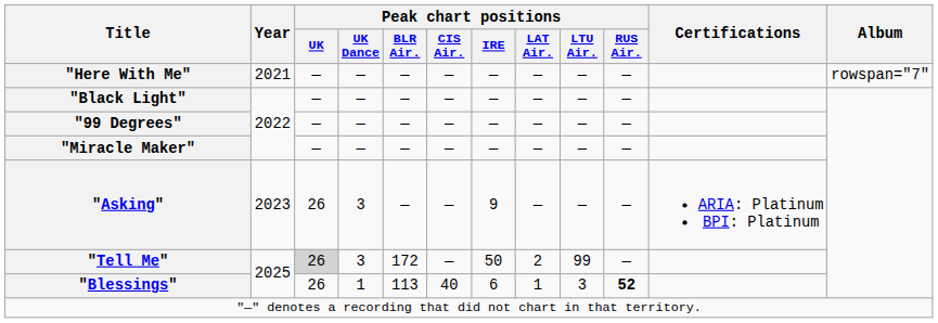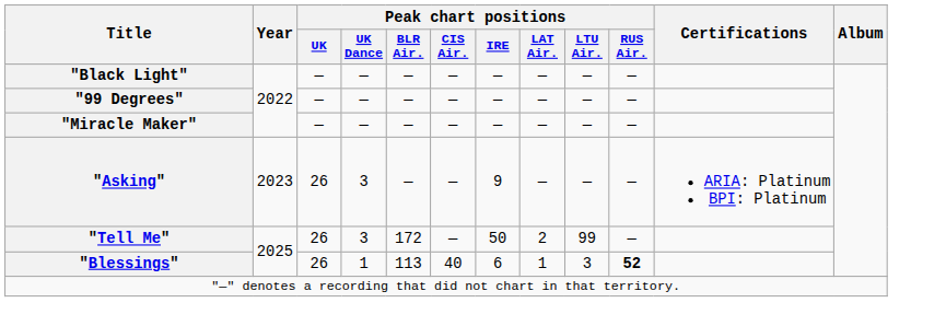 <table class="wikitable plainrowheaders" style="text-align:center;">
 <tr>
 <th scope="col" rowspan="2" style="width:16em;">Title</th>
 <th scope="col" rowspan="2" style="width:1em;">Year</th>
 <th colspan="8" scope="col">Peak chart positions</th>
 <th scope="col" rowspan="2">Certifications</th>
 <th scope="col" rowspan="2">Album</th>
 </tr>
 <tr>
 <th scope="col" style="width:3em;font-size:85%;"><a href='#'>UK</a><br></th>
 <th scope="col" style="width:3em;font-size:85%;"><a href='#'>UK<br>Dance</a><br></th>
 <th scope="col" style="width:3em;font-size:85%;"><a href='#'>BLR<br>Air.</a><br></th>
 <th scope="col" style="width:3em;font-size:85%;"><a href='#'>CIS<br>Air.</a><br></th>
 <th scope="col" style="width:3em;font-size:85%;"><a href='#'>IRE</a><br></th>
 <th scope="col" style="width:3em;font-size:85%;"><a href='#'>LAT<br>Air.</a><br></th>
 <th scope="col" style="width:3em;font-size:85%;"><a href='#'>LTU<br>Air.</a><br></th>
 <th scope="col" style="width:3em;font-size:85%;"><a href='#'>RUS<br>Air.</a><br></th>
-</tr>
-<tr>
-<th scope="row">"Here With Me"<br></th>
-<td>2021</td>
-<td>—</td>
-<td>—</td>
-<td>—</td>
-<td>—</td>
-<td>—</td>
-<td>—</td>
-<td>—</td>
-<td>—</td>
-<td></td>
-<td>rowspan="7" </td>
 </tr>
 <tr>
 <th scope="row">"Black Light"<br></th>
 <td rowspan="3">2022</td>
 <td>—</td>
 <td>—</td>
 <td>—</td>
 <td>—</td>
 <td>—</td>
 <td>—</td>
 <td>—</td>
 <td>—</td>
 <td></td>
 </tr>
 <tr>
 <th scope="row">"99 Degrees"<br></th>
 <td>—</td>
 <td>—</td>
 <td>—</td>
 <td>—</td>
 <td>—</td>
 <td>—</td>
 <td>—</td>
 <td>—</td>
 <td></td>
 </tr>
 <tr>
 <th scope="row">"Miracle Maker"<br></th>
 <td>—</td>
 <td>—</td>
 <td>—</td>
 <td>—</td>
 <td>—</td>
 <td>—</td>
 <td>—</td>
 <td>—</td>
 <td></td>
 </tr>
 <tr>
 <th scope="row">"<a href='#'>Asking</a>"<br></th>
 <td>2023</td>
 <td>26</td>
 <td>3</td>
 <td>—</td>
 <td>—</td>
 <td>9</td>
 <td>—</td>
 <td>—</td>
 <td>—</td>
 <td><br><ul><li><a href='#'>ARIA</a>: Platinum</li><li><a href='#'>BPI</a>: Platinum</li></ul></td>
 </tr>
 <tr>
 <th scope="row">"<a href='#'>Tell Me</a>"<br></th>
 <td rowspan="2">2025</td>
-<td style="background: lightgrey;">26</td>
+<td>26</td>
 <td>3</td>
 <td>172</td>
 <td>—</td>
 <td>50</td>
 <td>2</td>
 <td>99</td>
 <td>—</td>
 <td></td>
 </tr>
 <tr>
 <th scope="row">"<a href='#'>Blessings</a>"<br></th>
 <td>26</td>
 <td>1</td>
 <td>113</td>
 <td>40</td>
 <td>6</td>
 <td>1</td>
 <td>3</td>
 <td><strong>52</strong></td>
 <td></td>
 </tr>
 <tr>
 <td colspan="12" style="font-size:85%">"—" denotes a recording that did not chart in that territory.</td>
 </tr>
 </table>
